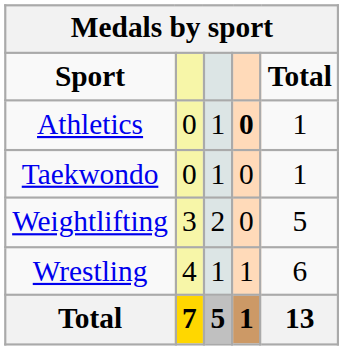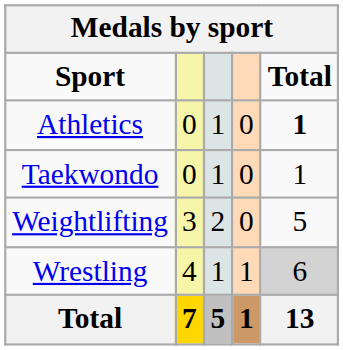 <table class="wikitable" style="font-size:85%; float:right;">
 <tr style="background:#efefef;">
 <th colspan=5><strong>Medals by sport</strong></th>
 </tr>
 <tr align=center>
 <td><strong>Sport</strong></td>
 <td style="background:#f7f6a8;"></td>
 <td style="background:#dce5e5;"></td>
 <td style="background:#ffdab9;"></td>
 <td><strong>Total</strong></td>
 </tr>
 <tr align=center>
 <td><a href='#'>Athletics</a></td>
 <td style="background:#f7f6a8;">0</td>
 <td style="background:#dce5e5;">1</td>
-<td style="background:#ffdab9;"><strong>0</strong></td>
-<td>1</td>
+<td style="background:#ffdab9;">0</td>
+<td><strong>1</strong></td>
 </tr>
 <tr align=center>
 <td><a href='#'>Taekwondo</a></td>
 <td style="background:#f7f6a8;">0</td>
 <td style="background:#dce5e5;">1</td>
 <td style="background:#ffdab9;">0</td>
 <td>1</td>
 </tr>
 <tr align=center>
 <td><a href='#'>Weightlifting</a></td>
 <td style="background:#f7f6a8;">3</td>
 <td style="background:#dce5e5;">2</td>
 <td style="background:#ffdab9;">0</td>
 <td>5</td>
 </tr>
 <tr align=center>
 <td><a href='#'>Wrestling</a></td>
 <td style="background:#f7f6a8;">4</td>
 <td style="background:#dce5e5;">1</td>
 <td style="background:#ffdab9;">1</td>
-<td>6</td>
+<td style="background: lightgrey;">6</td>
 </tr>
 <tr align=center>
 <th>Total</th>
 <th style="background:gold;">7</th>
 <th style="background:silver;">5</th>
 <th style="background:#c96;">1</th>
 <th>13</th>
 </tr>
 </table>
